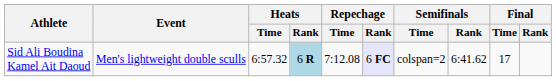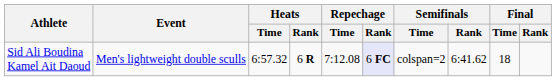 <table class="wikitable" style="font-size:90%">
 <tr>
 <th rowspan="2">Athlete</th>
 <th rowspan="2">Event</th>
 <th colspan="2">Heats</th>
 <th colspan="2">Repechage</th>
 <th colspan="2">Semifinals</th>
 <th colspan="2">Final</th>
 </tr>
 <tr style="font-size:95%">
 <th>Time</th>
 <th>Rank</th>
 <th>Time</th>
 <th>Rank</th>
 <th>Time</th>
 <th>Rank</th>
 <th>Time</th>
 <th>Rank</th>
 </tr>
 <tr align=center>
 <td align=left><a href='#'>Sid Ali Boudina</a><br><a href='#'>Kamel Ait Daoud</a></td>
 <td align=left><a href='#'>Men's lightweight double sculls</a></td>
 <td>6:57.32</td>
-<td style="background: lightblue;">6 <strong>R</strong></td>
+<td>6 <strong>R</strong></td>
 <td>7:12.08</td>
 <td style="background: lavender;">6 <strong>FC</strong></td>
 <td>colspan=2 </td>
 <td>6:41.62</td>
-<td>17</td>
+<td>18</td>
 </tr>
 </table>
